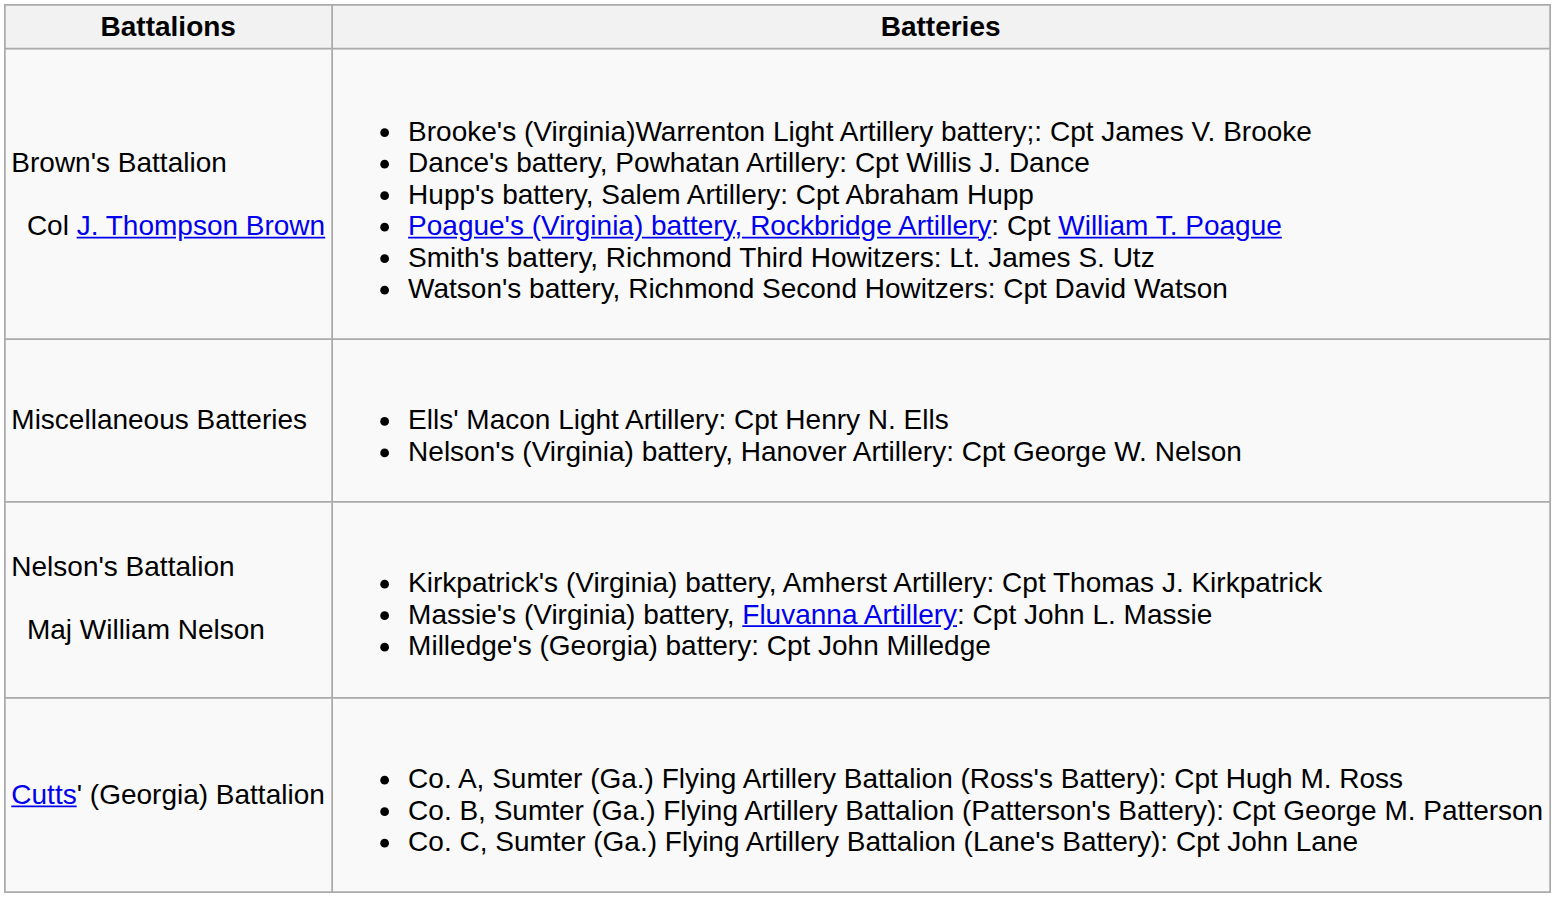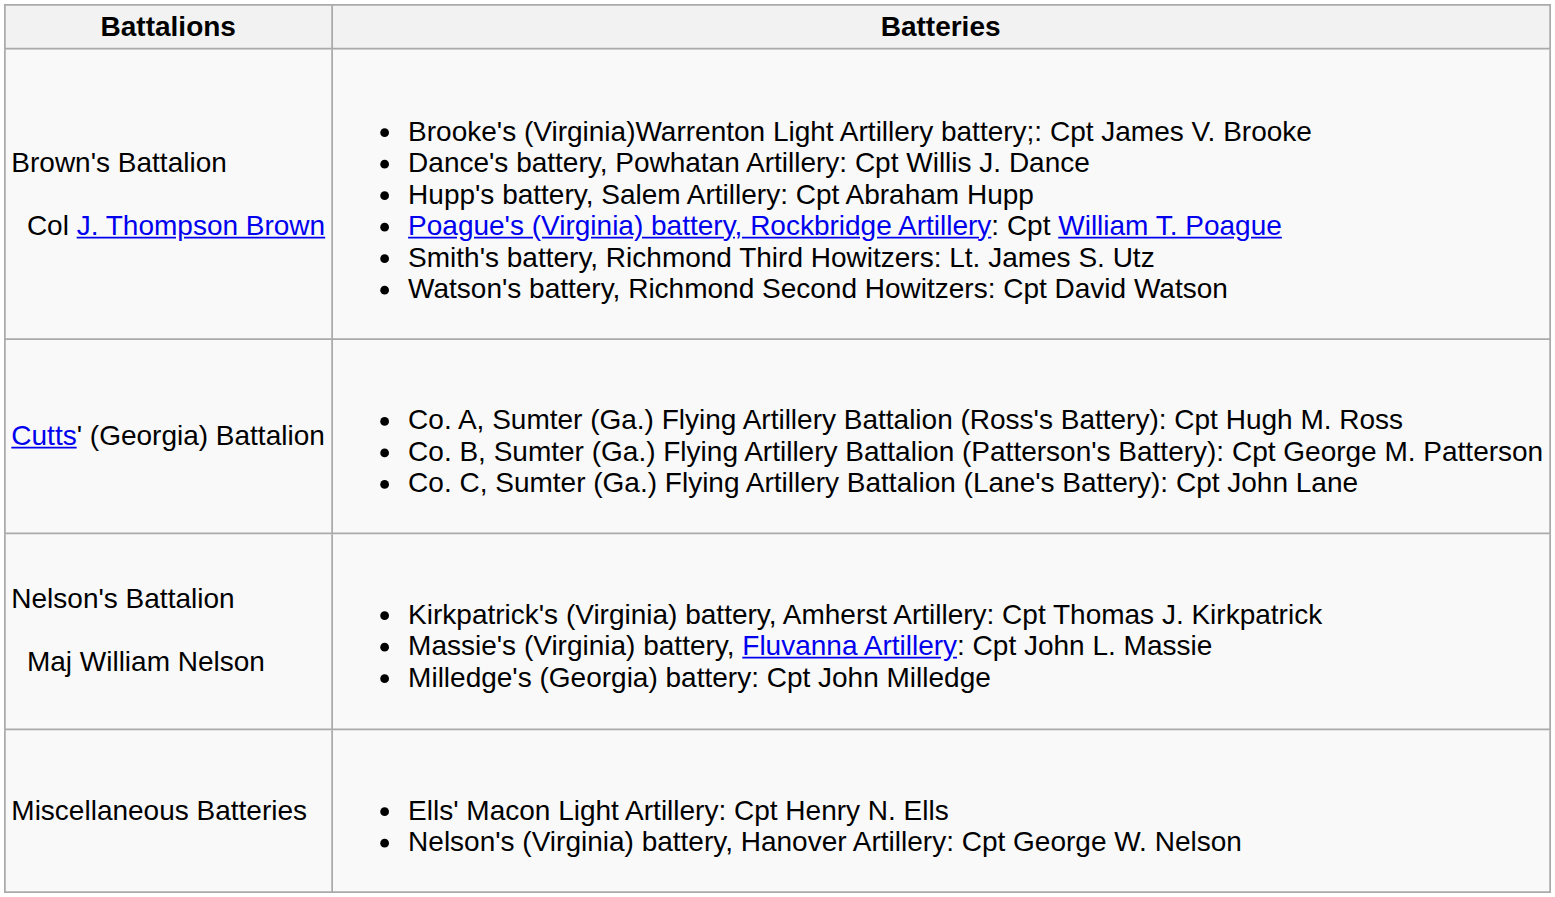 <table class="wikitable">
 <tr>
 <th><strong>Battalions</strong></th>
 <th><strong>Batteries</strong></th>
 </tr>
 <tr>
 <td>Brown's Battalion<br><br>  Col <a href='#'>J. Thompson Brown</a></td>
 <td><br><ul><li>Brooke's (Virginia)Warrenton Light Artillery battery;: Cpt James V. Brooke</li><li>Dance's battery, Powhatan Artillery: Cpt Willis J. Dance</li><li>Hupp's battery, Salem Artillery: Cpt Abraham Hupp</li><li><a href='#'>Poague's (Virginia) battery, Rockbridge Artillery</a>: Cpt <a href='#'>William T. Poague</a></li><li>Smith's battery, Richmond Third Howitzers: Lt. James S. Utz</li><li>Watson's battery, Richmond Second Howitzers: Cpt David Watson</li></ul></td>
 </tr>
 <tr>
-<td>Miscellaneous Batteries</td>
-<td><br><ul><li>Ells' Macon Light Artillery: Cpt Henry N. Ells</li><li>Nelson's (Virginia) battery, Hanover Artillery: Cpt George W. Nelson</li></ul></td>
+<td><a href='#'>Cutts</a>' (Georgia) Battalion</td>
+<td><br><ul><li>Co. A, Sumter (Ga.) Flying Artillery Battalion (Ross's Battery): Cpt Hugh M. Ross</li><li>Co. B, Sumter (Ga.) Flying Artillery Battalion (Patterson's Battery): Cpt George M. Patterson</li><li>Co. C, Sumter (Ga.) Flying Artillery Battalion (Lane's Battery): Cpt John Lane</li></ul></td>
 </tr>
 <tr>
 <td>Nelson's Battalion<br><br>  Maj William Nelson</td>
 <td><br><ul><li>Kirkpatrick's (Virginia) battery, Amherst Artillery: Cpt Thomas J. Kirkpatrick</li><li>Massie's (Virginia) battery, <a href='#'>Fluvanna Artillery</a>: Cpt John L. Massie</li><li>Milledge's (Georgia) battery: Cpt John Milledge</li></ul></td>
 </tr>
 <tr>
-<td><a href='#'>Cutts</a>' (Georgia) Battalion</td>
-<td><br><ul><li>Co. A, Sumter (Ga.) Flying Artillery Battalion (Ross's Battery): Cpt Hugh M. Ross</li><li>Co. B, Sumter (Ga.) Flying Artillery Battalion (Patterson's Battery): Cpt George M. Patterson</li><li>Co. C, Sumter (Ga.) Flying Artillery Battalion (Lane's Battery): Cpt John Lane</li></ul></td>
+<td>Miscellaneous Batteries</td>
+<td><br><ul><li>Ells' Macon Light Artillery: Cpt Henry N. Ells</li><li>Nelson's (Virginia) battery, Hanover Artillery: Cpt George W. Nelson</li></ul></td>
 </tr>
 </table>
